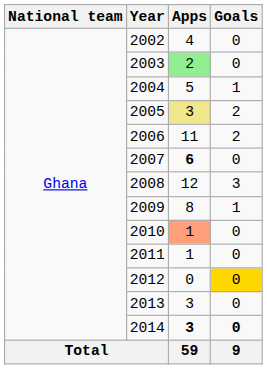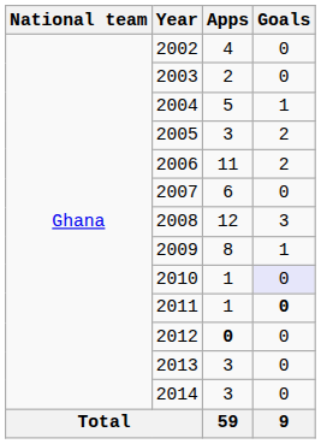 <table class="wikitable" style="text-align:center">
 <tr>
 <th>National team</th>
 <th>Year</th>
 <th>Apps</th>
 <th>Goals</th>
 </tr>
 <tr>
 <td rowspan="13"><a href='#'>Ghana</a></td>
 <td>2002</td>
 <td>4</td>
 <td>0</td>
 </tr>
 <tr>
 <td>2003</td>
-<td style="background: lightgreen;">2</td>
+<td>2</td>
 <td>0</td>
 </tr>
 <tr>
 <td>2004</td>
 <td>5</td>
 <td>1</td>
 </tr>
 <tr>
 <td>2005</td>
-<td style="background: khaki;">3</td>
+<td>3</td>
 <td>2</td>
 </tr>
 <tr>
 <td>2006</td>
 <td>11</td>
 <td>2</td>
 </tr>
 <tr>
 <td>2007</td>
-<td><strong>6</strong></td>
+<td>6</td>
 <td>0</td>
 </tr>
 <tr>
 <td>2008</td>
 <td>12</td>
 <td>3</td>
 </tr>
 <tr>
 <td>2009</td>
 <td>8</td>
 <td>1</td>
 </tr>
 <tr>
 <td>2010</td>
-<td style="background: lightsalmon;">1</td>
-<td>0</td>
+<td>1</td>
+<td style="background: lavender;">0</td>
 </tr>
 <tr>
 <td>2011</td>
 <td>1</td>
-<td>0</td>
+<td><strong>0</strong></td>
 </tr>
 <tr>
 <td>2012</td>
+<td><strong>0</strong></td>
 <td>0</td>
-<td style="background: gold;">0</td>
 </tr>
 <tr>
 <td>2013</td>
 <td>3</td>
 <td>0</td>
 </tr>
 <tr>
 <td>2014</td>
-<td><strong>3</strong></td>
-<td><strong>0</strong></td>
+<td>3</td>
+<td>0</td>
 </tr>
 <tr>
 <th colspan="2">Total</th>
 <th>59</th>
 <th>9</th>
 </tr>
 </table>
